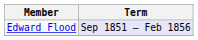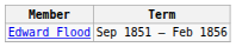 <table class="wikitable">
 <tr>
 <th>Member</th>
 <th>Term</th>
 </tr>
 <tr>
 <td><a href='#'>Edward Flood</a></td>
-<td style="background: lavender;">Sep 1851 – Feb 1856</td>
+<td>Sep 1851 – Feb 1856</td>
 </tr>
 <tr>
 </tr>
 </table>
